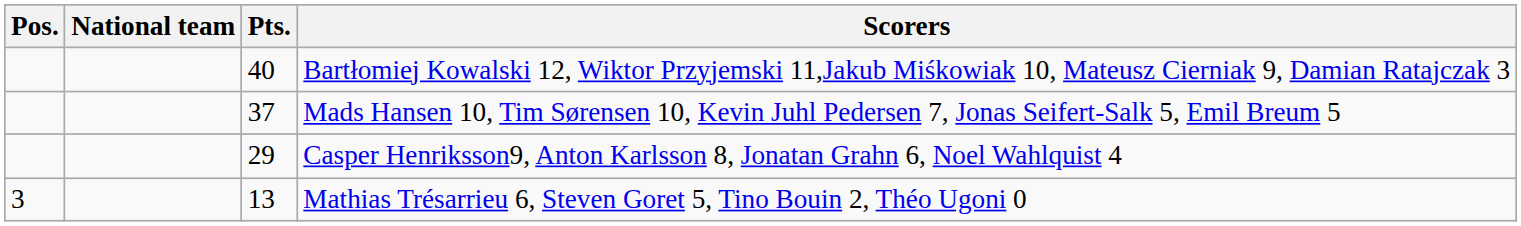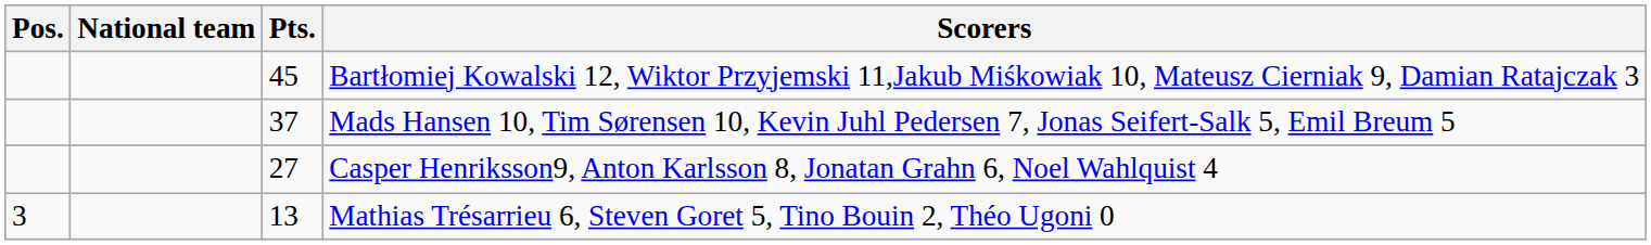 <table class=wikitable>
 <tr>
 <th>Pos.</th>
 <th>National team</th>
 <th>Pts.</th>
 <th>Scorers</th>
 </tr>
 <tr>
 <td></td>
 <td align=left></td>
-<td>40</td>
+<td>45</td>
 <td><a href='#'>Bartłomiej Kowalski</a> 12, <a href='#'>Wiktor Przyjemski</a> 11,<a href='#'>Jakub Miśkowiak</a> 10, <a href='#'>Mateusz Cierniak</a> 9, <a href='#'>Damian Ratajczak</a> 3</td>
 </tr>
 <tr>
 <td></td>
 <td align=left></td>
 <td>37</td>
 <td><a href='#'>Mads Hansen</a> 10, <a href='#'>Tim Sørensen</a> 10, <a href='#'>Kevin Juhl Pedersen</a> 7, <a href='#'>Jonas Seifert-Salk</a> 5, <a href='#'>Emil Breum</a> 5</td>
 </tr>
 <tr>
 <td></td>
 <td align=left></td>
-<td>29</td>
+<td>27</td>
 <td><a href='#'>Casper Henriksson</a>9, <a href='#'>Anton Karlsson</a> 8, <a href='#'>Jonatan Grahn</a> 6, <a href='#'>Noel Wahlquist</a> 4</td>
 </tr>
 <tr>
 <td>3</td>
 <td align=left></td>
 <td>13</td>
 <td><a href='#'>Mathias Trésarrieu</a> 6, <a href='#'>Steven Goret</a> 5, <a href='#'>Tino Bouin</a> 2, <a href='#'>Théo Ugoni</a> 0</td>
 </tr>
 </table>
